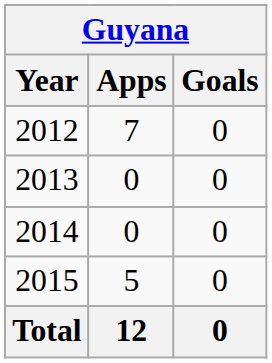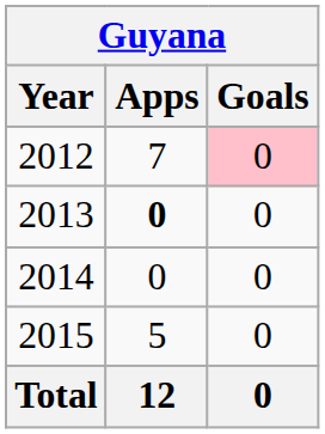 <table class="wikitable" style="text-align:center">
 <tr>
 <th colspan=3><a href='#'>Guyana</a></th>
 </tr>
 <tr>
 <th>Year</th>
 <th>Apps</th>
 <th>Goals</th>
 </tr>
 <tr>
 <td>2012</td>
 <td>7</td>
-<td>0</td>
+<td style="background: pink;">0</td>
 </tr>
 <tr>
 <td>2013</td>
-<td>0</td>
+<td><strong>0</strong></td>
 <td>0</td>
 </tr>
 <tr>
 <td>2014</td>
 <td>0</td>
 <td>0</td>
 </tr>
 <tr>
 <td>2015</td>
 <td>5</td>
 <td>0</td>
 </tr>
 <tr>
 <th>Total</th>
 <th>12</th>
 <th>0</th>
 </tr>
 </table>
